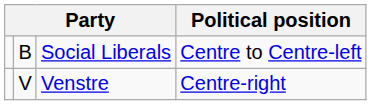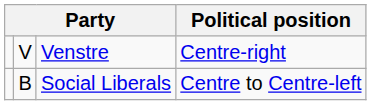 <table class="wikitable">
 <tr>
 <th colspan="3">Party</th>
 <th>Political position</th>
 </tr>
 <tr>
 <td></td>
+<td>V</td>
+<td><a href='#'>Venstre</a></td>
+<td><a href='#'>Centre-right</a></td>
+</tr>
+<tr>
+<td></td>
 <td>B</td>
 <td><a href='#'>Social Liberals</a></td>
 <td><a href='#'>Centre</a> to <a href='#'>Centre-left</a></td>
 </tr>
-<tr>
-<td></td>
-<td>V</td>
-<td><a href='#'>Venstre</a></td>
-<td><a href='#'>Centre-right</a></td>
-</tr>
 </table>
